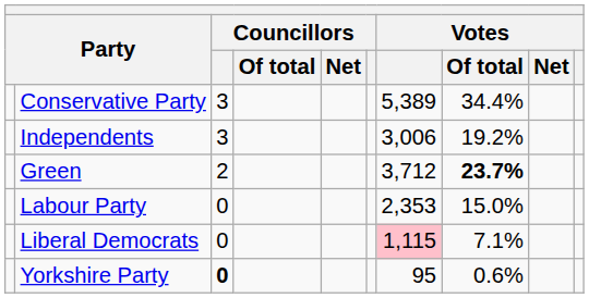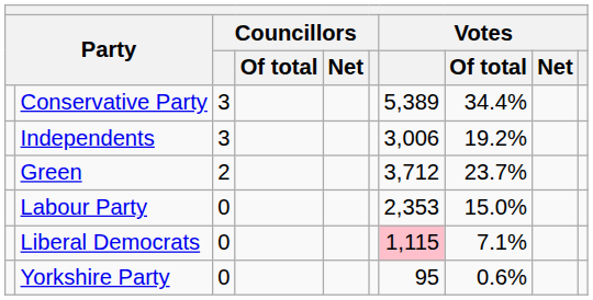 <table class="wikitable sortable" style="text-align:center;">
 <tr>
 <th colspan="10"></th>
 </tr>
 <tr>
 <th colspan="2" rowspan="2">Party</th>
 <th colspan="4">Councillors</th>
 <th colspan="4">Votes</th>
 </tr>
 <tr>
 <th></th>
 <th>Of total</th>
 <th>Net</th>
 <th class="unsortable"></th>
 <th></th>
 <th>Of total</th>
 <th>Net</th>
 <th class="unsortable"></th>
 </tr>
 <tr>
 <td style="background:"></td>
 <td style="text-align:left;"><a href='#'>Conservative Party</a></td>
 <td style="text-align:right;">3</td>
 <td style="text-align:right;"></td>
 <td style="text-align:right;"></td>
 <td data-sort-value=""></td>
 <td style="text-align:right;">5,389</td>
 <td style="text-align:right;">34.4%</td>
 <td style="text-align:right;"></td>
 <td></td>
 </tr>
 <tr>
 <td style="background:"></td>
 <td style="text-align:left;"><a href='#'>Independents</a></td>
 <td style="text-align:right;">3</td>
 <td style="text-align:right;"></td>
 <td style="text-align:right;"></td>
 <td data-sort-value=""></td>
 <td style="text-align:right;">3,006</td>
 <td style="text-align:right;">19.2%</td>
 <td style="text-align:right;"></td>
 <td></td>
 </tr>
 <tr>
 <td style="background:"></td>
 <td style="text-align:left;"><a href='#'>Green</a></td>
 <td style="text-align:right;">2</td>
 <td style="text-align:right;"></td>
 <td style="text-align:right;"></td>
 <td data-sort-value=""></td>
 <td style="text-align:right;">3,712</td>
-<td style="text-align:right;"><strong>23.7%</strong></td>
+<td style="text-align:right;">23.7%</td>
 <td style="text-align:right;"></td>
 <td></td>
 </tr>
 <tr>
 <td style="background:"></td>
 <td style="text-align:left;"><a href='#'>Labour Party</a></td>
 <td style="text-align:right;">0</td>
 <td style="text-align:right;"></td>
 <td style="text-align:right;"></td>
 <td data-sort-value=""></td>
 <td style="text-align:right;">2,353</td>
 <td style="text-align:right;">15.0%</td>
 <td style="text-align:right;"></td>
 <td></td>
 </tr>
 <tr>
 <td style="background:"></td>
 <td style="text-align:left;"><a href='#'>Liberal Democrats</a></td>
 <td style="text-align:right;">0</td>
 <td style="text-align:right;"></td>
 <td style="text-align:right;"></td>
 <td data-sort-value=""></td>
 <td style="background: pink; text-align:right;">1,115</td>
 <td style="text-align:right;">7.1%</td>
 <td style="text-align:right;"></td>
 <td></td>
 </tr>
 <tr>
 <td style="background:"></td>
 <td style="text-align:left;"><a href='#'>Yorkshire Party</a></td>
-<td style="text-align:right;"><strong>0</strong></td>
+<td style="text-align:right;">0</td>
 <td style="text-align:right;"></td>
 <td style="text-align:right;"></td>
 <td data-sort-value=""></td>
 <td style="text-align:right;">95</td>
 <td style="text-align:right;">0.6%</td>
 <td style="text-align:right;"></td>
 <td></td>
 </tr>
 </table>
